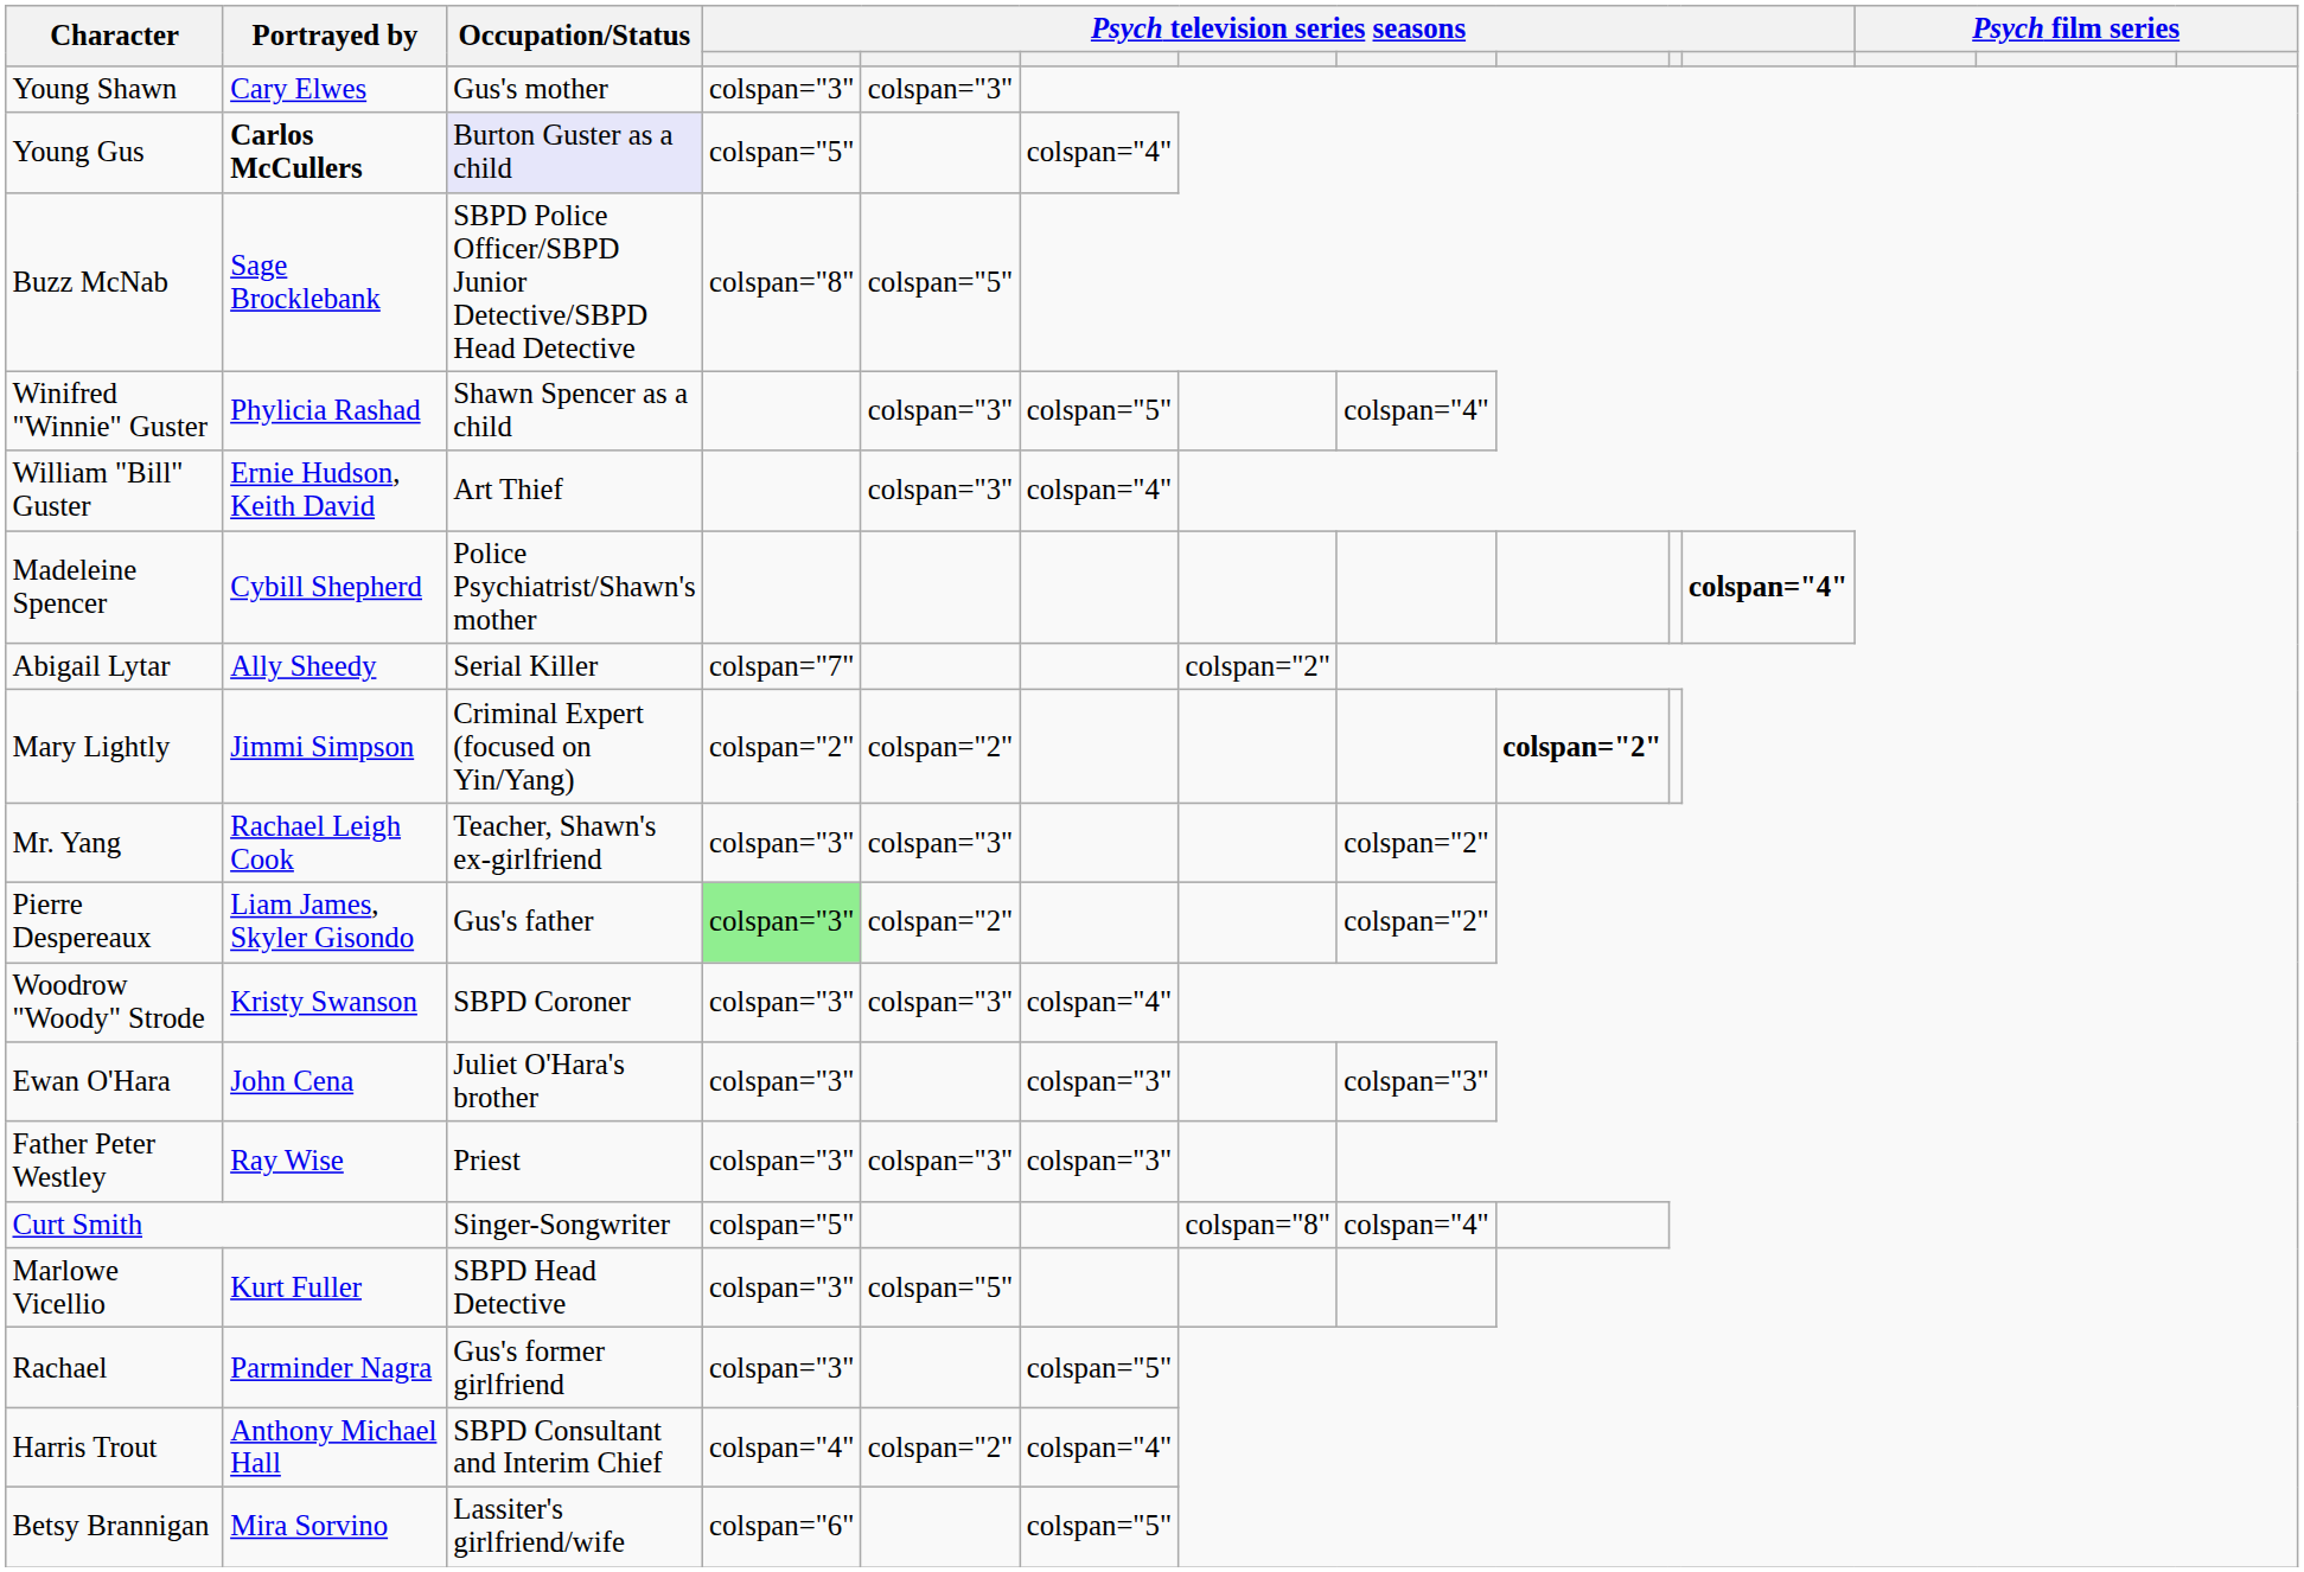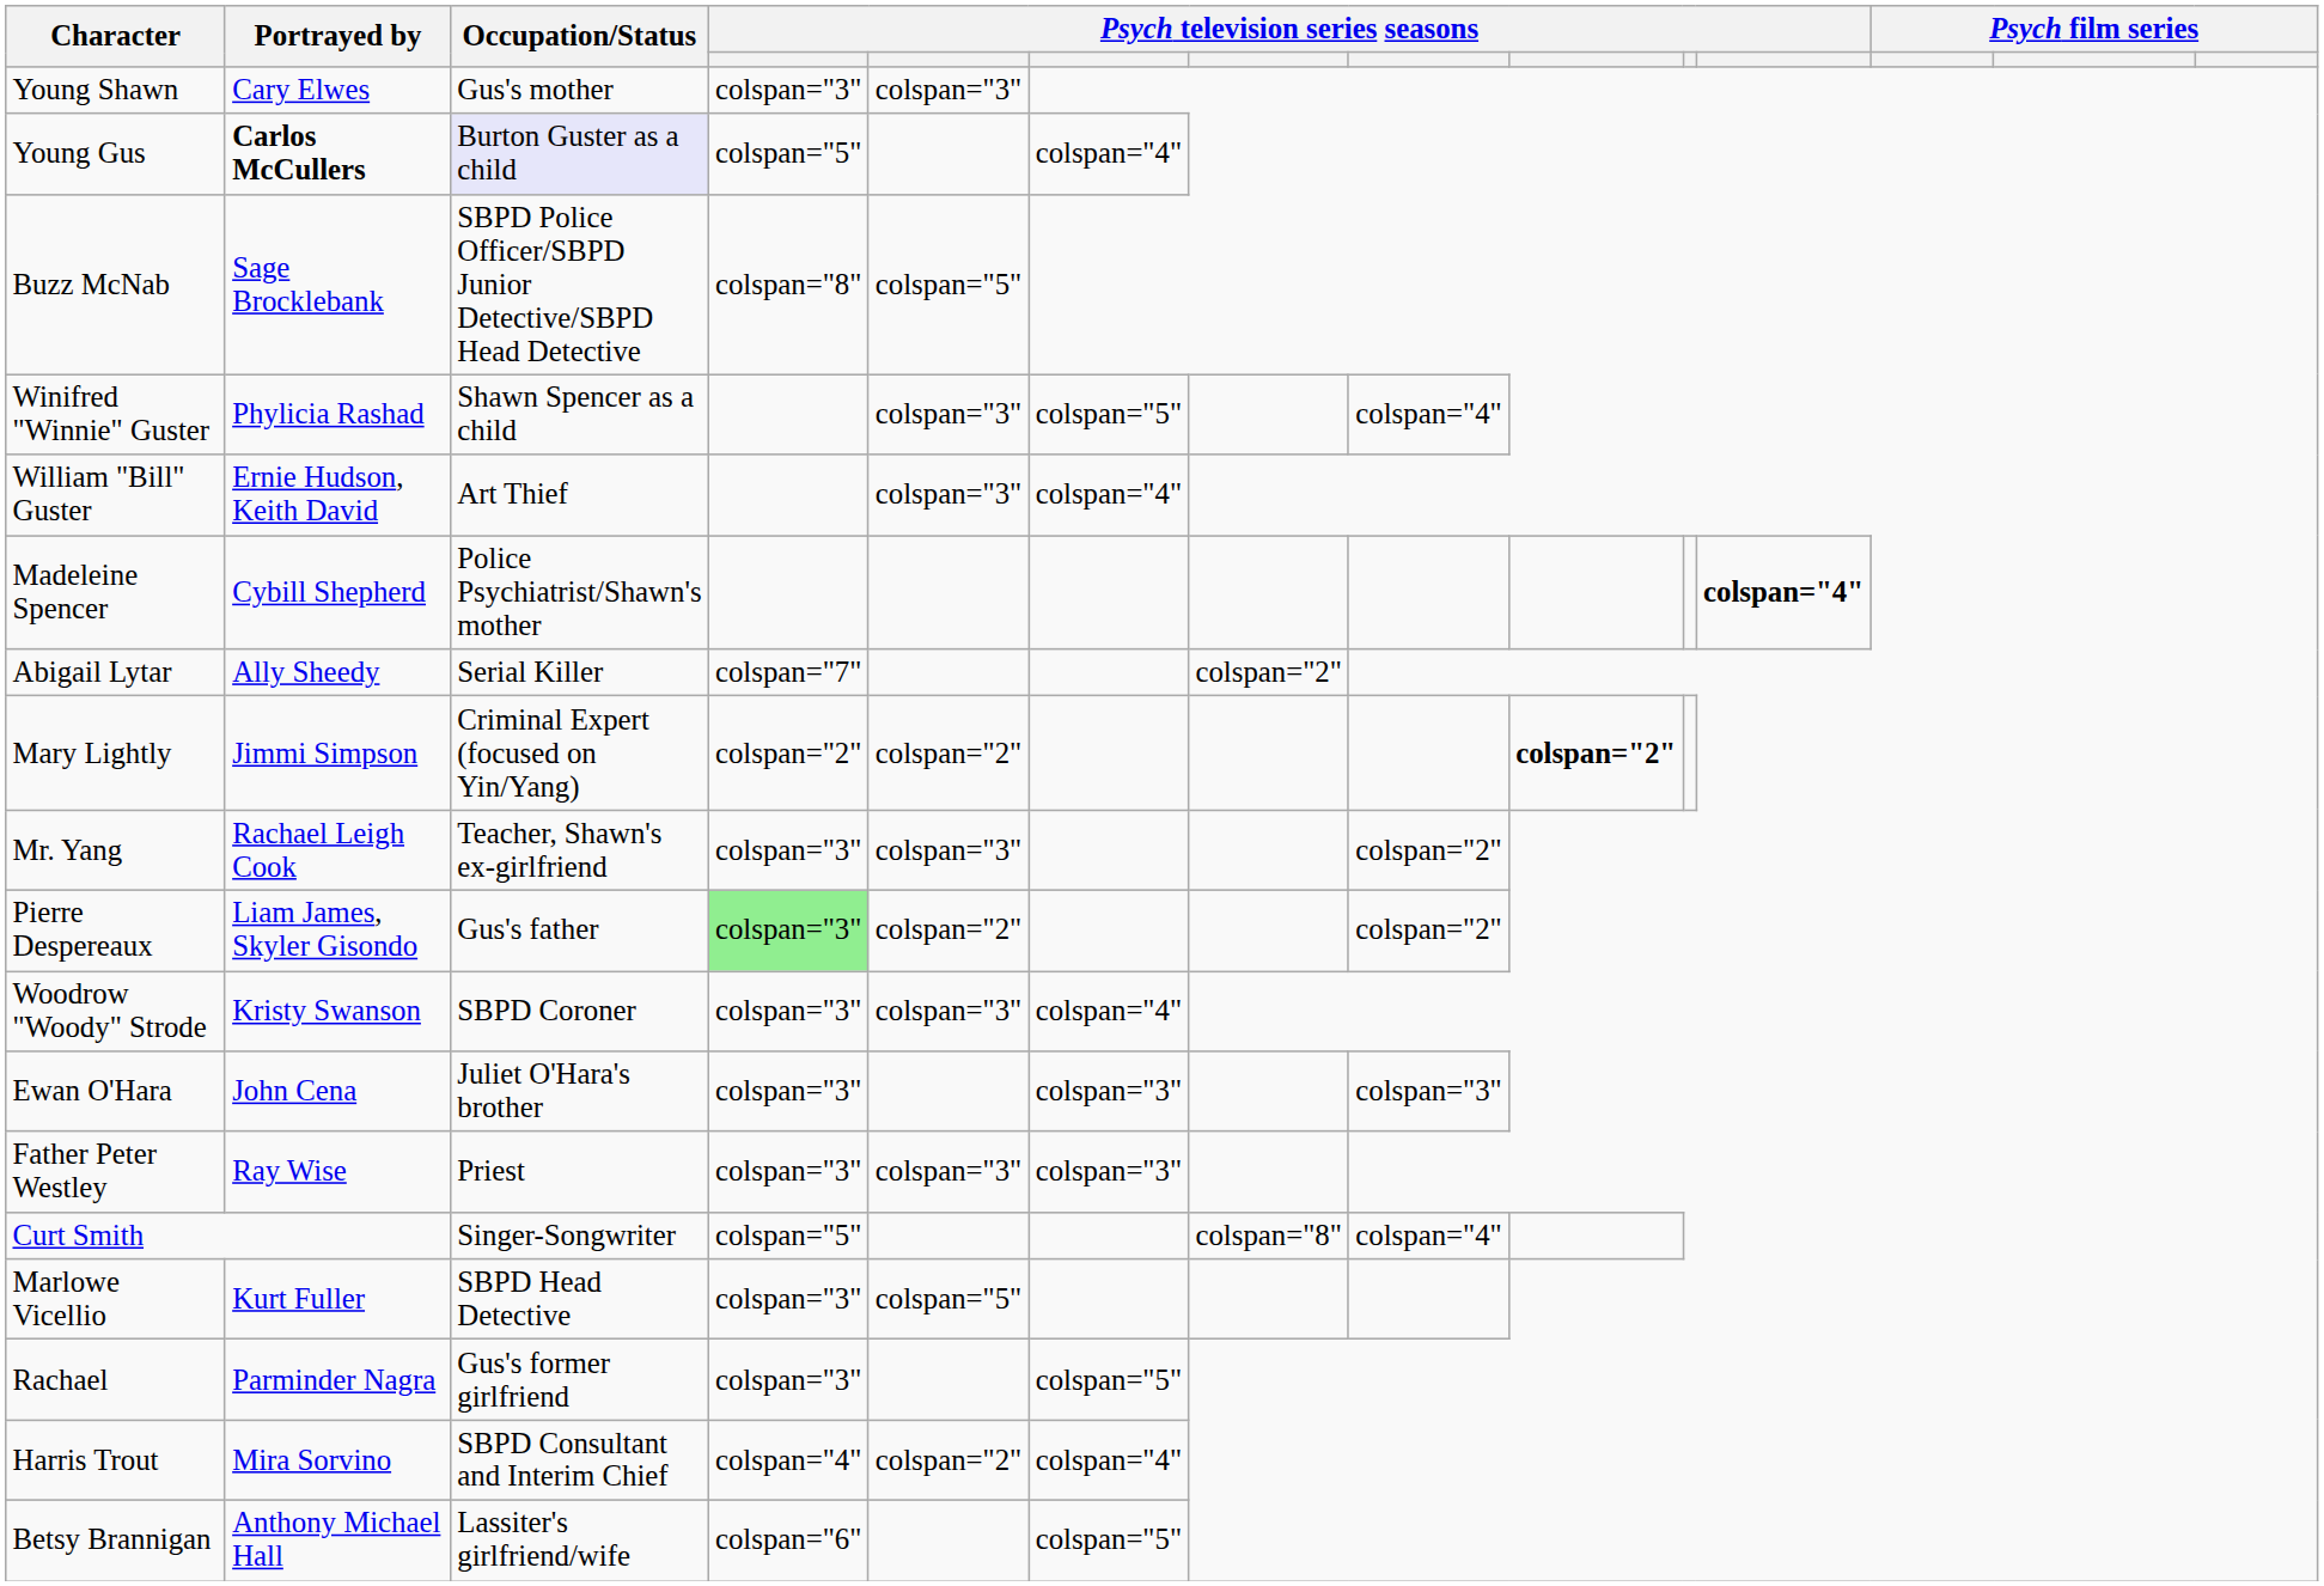 <table class="wikitable">
 <tr>
 <th rowspan="2" width="12%">Character</th>
 <th rowspan="2" width="12%">Portrayed by</th>
 <th rowspan="2" width="10%">Occupation/Status</th>
 <th colspan="8"><a href='#'><em>Psych</em> television series</a> <a href='#'>seasons</a></th>
 <th colspan="3"><a href='#'><em>Psych</em> film series</a></th>
 </tr>
 <tr>
 <th width="1%"><a href='#'></a></th>
 <th><a href='#'></a></th>
 <th><a href='#'></a></th>
 <th><a href='#'></a></th>
 <th><a href='#'></a></th>
 <th><a href='#'></a></th>
 <th><a href='#'></a></th>
 <th><a href='#'></a></th>
 <th width="9%"><a href='#'></a></th>
 <th width="15%"><a href='#'></a></th>
 <th width="9%"><a href='#'></a></th>
 </tr>
 <tr>
 <td>Young Shawn</td>
 <td><a href='#'>Cary Elwes</a></td>
 <td>Gus's mother</td>
 <td>colspan="3" </td>
 <td>colspan="3" </td>
 </tr>
 <tr>
 <td>Young Gus</td>
 <td><strong>Carlos McCullers</strong></td>
 <td style="background: lavender;">Burton Guster as a child</td>
 <td>colspan="5" </td>
 <td></td>
 <td>colspan="4" </td>
 </tr>
 <tr>
 <td>Buzz McNab</td>
 <td><a href='#'>Sage Brocklebank</a></td>
 <td>SBPD Police Officer/SBPD Junior Detective/SBPD Head Detective</td>
 <td>colspan="8" </td>
 <td>colspan="5" </td>
 </tr>
 <tr>
 <td>Winifred "Winnie" Guster</td>
 <td><a href='#'>Phylicia Rashad</a></td>
 <td>Shawn Spencer as a child</td>
 <td></td>
 <td>colspan="3" </td>
 <td>colspan="5" </td>
 <td></td>
 <td>colspan="4" </td>
 </tr>
 <tr>
 <td>William "Bill" Guster</td>
 <td><a href='#'>Ernie Hudson</a>, <a href='#'>Keith David</a></td>
 <td>Art Thief</td>
 <td></td>
 <td>colspan="3" </td>
 <td>colspan="4" </td>
 </tr>
 <tr>
 <td>Madeleine Spencer</td>
 <td><a href='#'>Cybill Shepherd</a></td>
 <td>Police Psychiatrist/Shawn's mother</td>
 <td></td>
 <td></td>
 <td></td>
 <td></td>
 <td></td>
 <td></td>
 <td></td>
 <td><strong>colspan="4" </strong></td>
 </tr>
 <tr>
 <td>Abigail Lytar</td>
 <td><a href='#'>Ally Sheedy</a></td>
 <td>Serial Killer</td>
 <td>colspan="7" </td>
 <td></td>
 <td></td>
 <td>colspan="2" </td>
 </tr>
 <tr>
 <td>Mary Lightly</td>
 <td><a href='#'>Jimmi Simpson</a></td>
 <td>Criminal Expert (focused on Yin/Yang)</td>
 <td>colspan="2" </td>
 <td>colspan="2" </td>
 <td></td>
 <td></td>
 <td></td>
 <td><strong>colspan="2" </strong></td>
 <td></td>
 </tr>
 <tr>
 <td>Mr. Yang</td>
 <td><a href='#'>Rachael Leigh Cook</a></td>
 <td>Teacher, Shawn's ex-girlfriend</td>
 <td>colspan="3" </td>
 <td>colspan="3" </td>
 <td></td>
 <td></td>
 <td>colspan="2" </td>
 </tr>
 <tr>
 <td>Pierre Despereaux</td>
 <td><a href='#'>Liam James</a>, <a href='#'>Skyler Gisondo</a></td>
 <td>Gus's father</td>
 <td style="background: lightgreen;">colspan="3" </td>
 <td>colspan="2" </td>
 <td></td>
 <td></td>
 <td>colspan="2" </td>
 </tr>
 <tr>
 <td>Woodrow "Woody" Strode</td>
 <td><a href='#'>Kristy Swanson</a></td>
 <td>SBPD Coroner</td>
 <td>colspan="3" </td>
 <td>colspan="3" </td>
 <td>colspan="4" </td>
 </tr>
 <tr>
 <td>Ewan O'Hara</td>
 <td><a href='#'>John Cena</a></td>
 <td>Juliet O'Hara's brother</td>
 <td>colspan="3" </td>
 <td></td>
 <td>colspan="3" </td>
 <td></td>
 <td>colspan="3" </td>
 </tr>
 <tr>
 <td>Father Peter Westley</td>
 <td><a href='#'>Ray Wise</a></td>
 <td>Priest</td>
 <td>colspan="3" </td>
 <td>colspan="3" </td>
 <td>colspan="3" </td>
 <td></td>
 </tr>
 <tr>
 <td colspan="2"><a href='#'>Curt Smith</a></td>
 <td>Singer-Songwriter</td>
 <td>colspan="5" </td>
 <td></td>
 <td></td>
 <td>colspan="8" </td>
 <td>colspan="4" </td>
 <td></td>
 </tr>
 <tr>
 <td>Marlowe Vicellio</td>
 <td><a href='#'>Kurt Fuller</a></td>
 <td>SBPD Head Detective</td>
 <td>colspan="3" </td>
 <td>colspan="5" </td>
 <td></td>
 <td></td>
 <td></td>
 </tr>
 <tr>
 <td>Rachael</td>
 <td><a href='#'>Parminder Nagra</a></td>
 <td>Gus's former girlfriend</td>
 <td>colspan="3" </td>
 <td></td>
 <td>colspan="5" </td>
 </tr>
 <tr>
 <td>Harris Trout</td>
-<td><a href='#'>Anthony Michael Hall</a></td>
+<td><a href='#'>Mira Sorvino</a></td>
 <td>SBPD Consultant and Interim Chief</td>
 <td>colspan="4" </td>
 <td>colspan="2" </td>
 <td>colspan="4" </td>
 </tr>
 <tr>
 <td>Betsy Brannigan</td>
-<td><a href='#'>Mira Sorvino</a></td>
+<td><a href='#'>Anthony Michael Hall</a></td>
 <td>Lassiter's girlfriend/wife</td>
 <td>colspan="6" </td>
 <td></td>
 <td>colspan="5" </td>
 </tr>
 </table>
